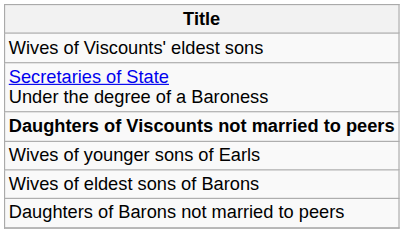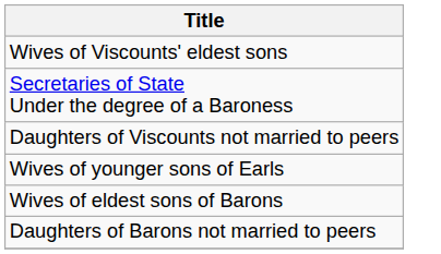 <table class="wikitable">
 <tr>
 <th>Title</th>
 </tr>
 <tr>
 <td>Wives of Viscounts' eldest sons</td>
 </tr>
 <tr>
 <td><a href='#'>Secretaries of State</a><br>Under the degree of a Baroness</td>
 </tr>
 <tr>
-<td><strong>Daughters of Viscounts not married to peers</strong></td>
+<td>Daughters of Viscounts not married to peers</td>
 </tr>
 <tr>
 <td>Wives of younger sons of Earls</td>
 </tr>
 <tr>
 <td>Wives of eldest sons of Barons</td>
 </tr>
 <tr>
 <td>Daughters of Barons not married to peers</td>
 </tr>
 <tr>
 </tr>
 </table>
